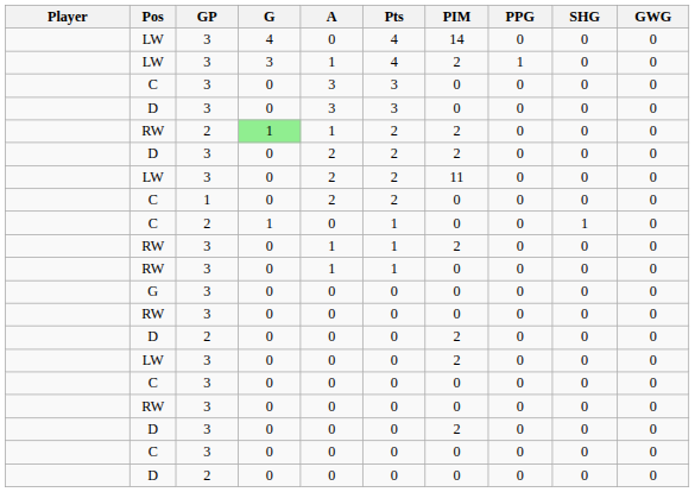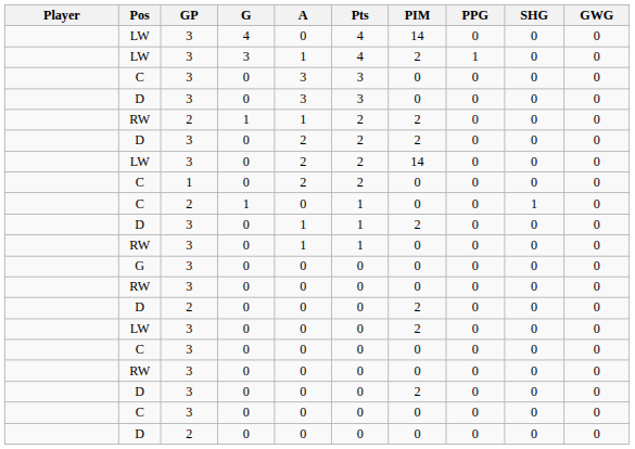 <table class="wikitable sortable" width="60%">
 <tr ALIGN="center">
 <th bgcolor="#DDDDFF" width="10%">Player</th>
 <th bgcolor="#DDDDFF" width="3%" title="Position">Pos</th>
 <th bgcolor="#DDDDFF" width="5%" title="Games played">GP</th>
 <th bgcolor="#DDDDFF" width="5%" title="Goals">G</th>
 <th bgcolor="#DDDDFF" width="5%" title="Assists">A</th>
 <th bgcolor="#DDDDFF" width="5%" title="Points">Pts</th>
 <th bgcolor="#DDDDFF" width="5%" title="Penalties in Minutes">PIM</th>
 <th bgcolor="#DDDDFF" width="5%" title="Power play goals">PPG</th>
 <th bgcolor="#DDDDFF" width="5%" title="Short-handed goals">SHG</th>
 <th bgcolor="#DDDDFF" width="5%" title="Game-winning goals">GWG</th>
 </tr>
 <tr align="center">
 <td align="right"></td>
 <td>LW</td>
 <td>3</td>
 <td>4</td>
 <td>0</td>
 <td>4</td>
 <td>14</td>
 <td>0</td>
 <td>0</td>
 <td>0</td>
 </tr>
 <tr align="center">
 <td align="right"></td>
 <td>LW</td>
 <td>3</td>
 <td>3</td>
 <td>1</td>
 <td>4</td>
 <td>2</td>
 <td>1</td>
 <td>0</td>
 <td>0</td>
 </tr>
 <tr align="center">
 <td align="right"></td>
 <td>C</td>
 <td>3</td>
 <td>0</td>
 <td>3</td>
 <td>3</td>
 <td>0</td>
 <td>0</td>
 <td>0</td>
 <td>0</td>
 </tr>
 <tr align="center">
 <td align="right"></td>
 <td>D</td>
 <td>3</td>
 <td>0</td>
 <td>3</td>
 <td>3</td>
 <td>0</td>
 <td>0</td>
 <td>0</td>
 <td>0</td>
 </tr>
 <tr align="center">
 <td align="right"></td>
 <td>RW</td>
 <td>2</td>
-<td style="background: lightgreen;">1</td>
+<td>1</td>
 <td>1</td>
 <td>2</td>
 <td>2</td>
 <td>0</td>
 <td>0</td>
 <td>0</td>
 </tr>
 <tr align="center">
 <td align="right"></td>
 <td>D</td>
 <td>3</td>
 <td>0</td>
 <td>2</td>
 <td>2</td>
 <td>2</td>
 <td>0</td>
 <td>0</td>
 <td>0</td>
 </tr>
 <tr align="center">
 <td align="right"></td>
 <td>LW</td>
 <td>3</td>
 <td>0</td>
 <td>2</td>
 <td>2</td>
-<td>11</td>
+<td>14</td>
 <td>0</td>
 <td>0</td>
 <td>0</td>
 </tr>
 <tr align="center">
 <td align="right"></td>
 <td>C</td>
 <td>1</td>
 <td>0</td>
 <td>2</td>
 <td>2</td>
 <td>0</td>
 <td>0</td>
 <td>0</td>
 <td>0</td>
 </tr>
 <tr align="center">
 <td align="right"></td>
 <td>C</td>
 <td>2</td>
 <td>1</td>
 <td>0</td>
 <td>1</td>
 <td>0</td>
 <td>0</td>
 <td>1</td>
 <td>0</td>
 </tr>
 <tr align="center">
 <td align="right"></td>
-<td>RW</td>
+<td>D</td>
 <td>3</td>
 <td>0</td>
 <td>1</td>
 <td>1</td>
 <td>2</td>
 <td>0</td>
 <td>0</td>
 <td>0</td>
 </tr>
 <tr align="center">
 <td align="right"></td>
 <td>RW</td>
 <td>3</td>
 <td>0</td>
 <td>1</td>
 <td>1</td>
 <td>0</td>
 <td>0</td>
 <td>0</td>
 <td>0</td>
 </tr>
 <tr align="center">
 <td align="right"></td>
 <td>G</td>
 <td>3</td>
 <td>0</td>
 <td>0</td>
 <td>0</td>
 <td>0</td>
 <td>0</td>
 <td>0</td>
 <td>0</td>
 </tr>
 <tr align="center">
 <td align="right"></td>
 <td>RW</td>
 <td>3</td>
 <td>0</td>
 <td>0</td>
 <td>0</td>
 <td>0</td>
 <td>0</td>
 <td>0</td>
 <td>0</td>
 </tr>
 <tr align="center">
 <td align="right"></td>
 <td>D</td>
 <td>2</td>
 <td>0</td>
 <td>0</td>
 <td>0</td>
 <td>2</td>
 <td>0</td>
 <td>0</td>
 <td>0</td>
 </tr>
 <tr align="center">
 <td align="right"></td>
 <td>LW</td>
 <td>3</td>
 <td>0</td>
 <td>0</td>
 <td>0</td>
 <td>2</td>
 <td>0</td>
 <td>0</td>
 <td>0</td>
 </tr>
 <tr align="center">
 <td align="right"></td>
 <td>C</td>
 <td>3</td>
 <td>0</td>
 <td>0</td>
 <td>0</td>
 <td>0</td>
 <td>0</td>
 <td>0</td>
 <td>0</td>
 </tr>
 <tr align="center">
 <td align="right"></td>
 <td>RW</td>
 <td>3</td>
 <td>0</td>
 <td>0</td>
 <td>0</td>
 <td>0</td>
 <td>0</td>
 <td>0</td>
 <td>0</td>
 </tr>
 <tr align="center">
 <td align="right"></td>
 <td>D</td>
 <td>3</td>
 <td>0</td>
 <td>0</td>
 <td>0</td>
 <td>2</td>
 <td>0</td>
 <td>0</td>
 <td>0</td>
 </tr>
 <tr align="center">
 <td align="right"></td>
 <td>C</td>
 <td>3</td>
 <td>0</td>
 <td>0</td>
 <td>0</td>
 <td>0</td>
 <td>0</td>
 <td>0</td>
 <td>0</td>
 </tr>
 <tr align="center">
 <td align="right"></td>
 <td>D</td>
 <td>2</td>
 <td>0</td>
 <td>0</td>
 <td>0</td>
 <td>0</td>
 <td>0</td>
 <td>0</td>
 <td>0</td>
 </tr>
 </table>
